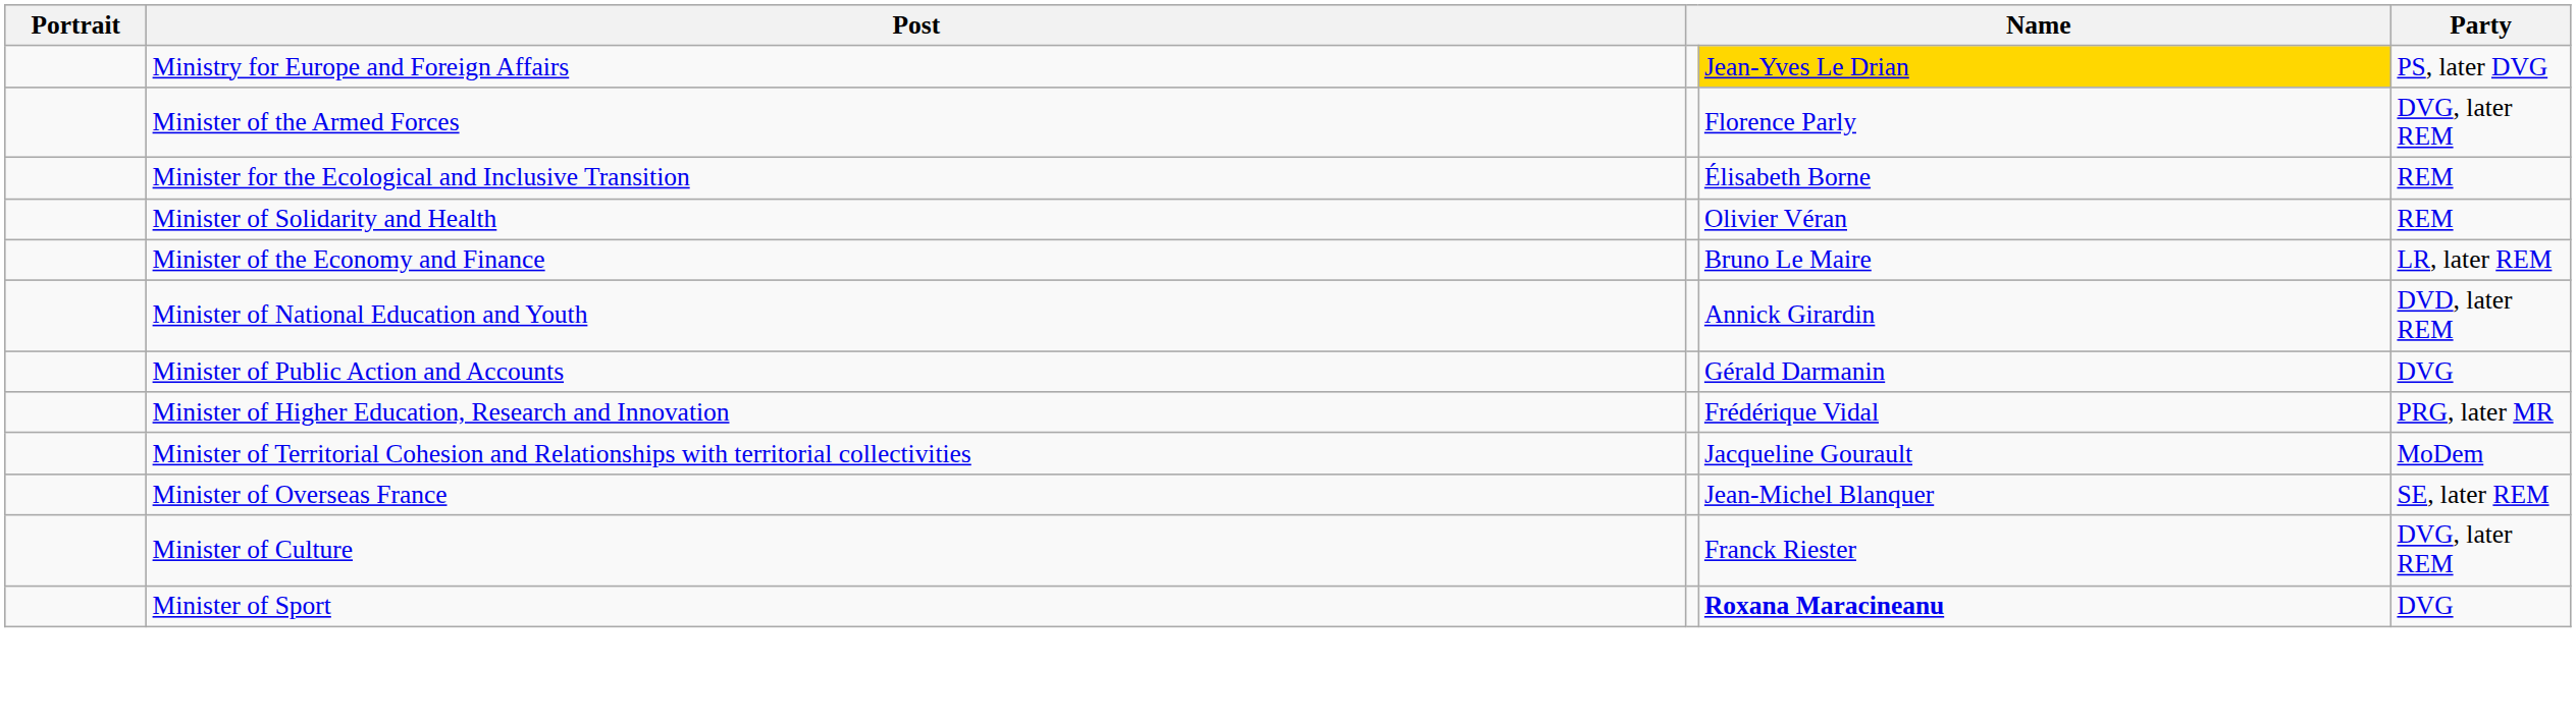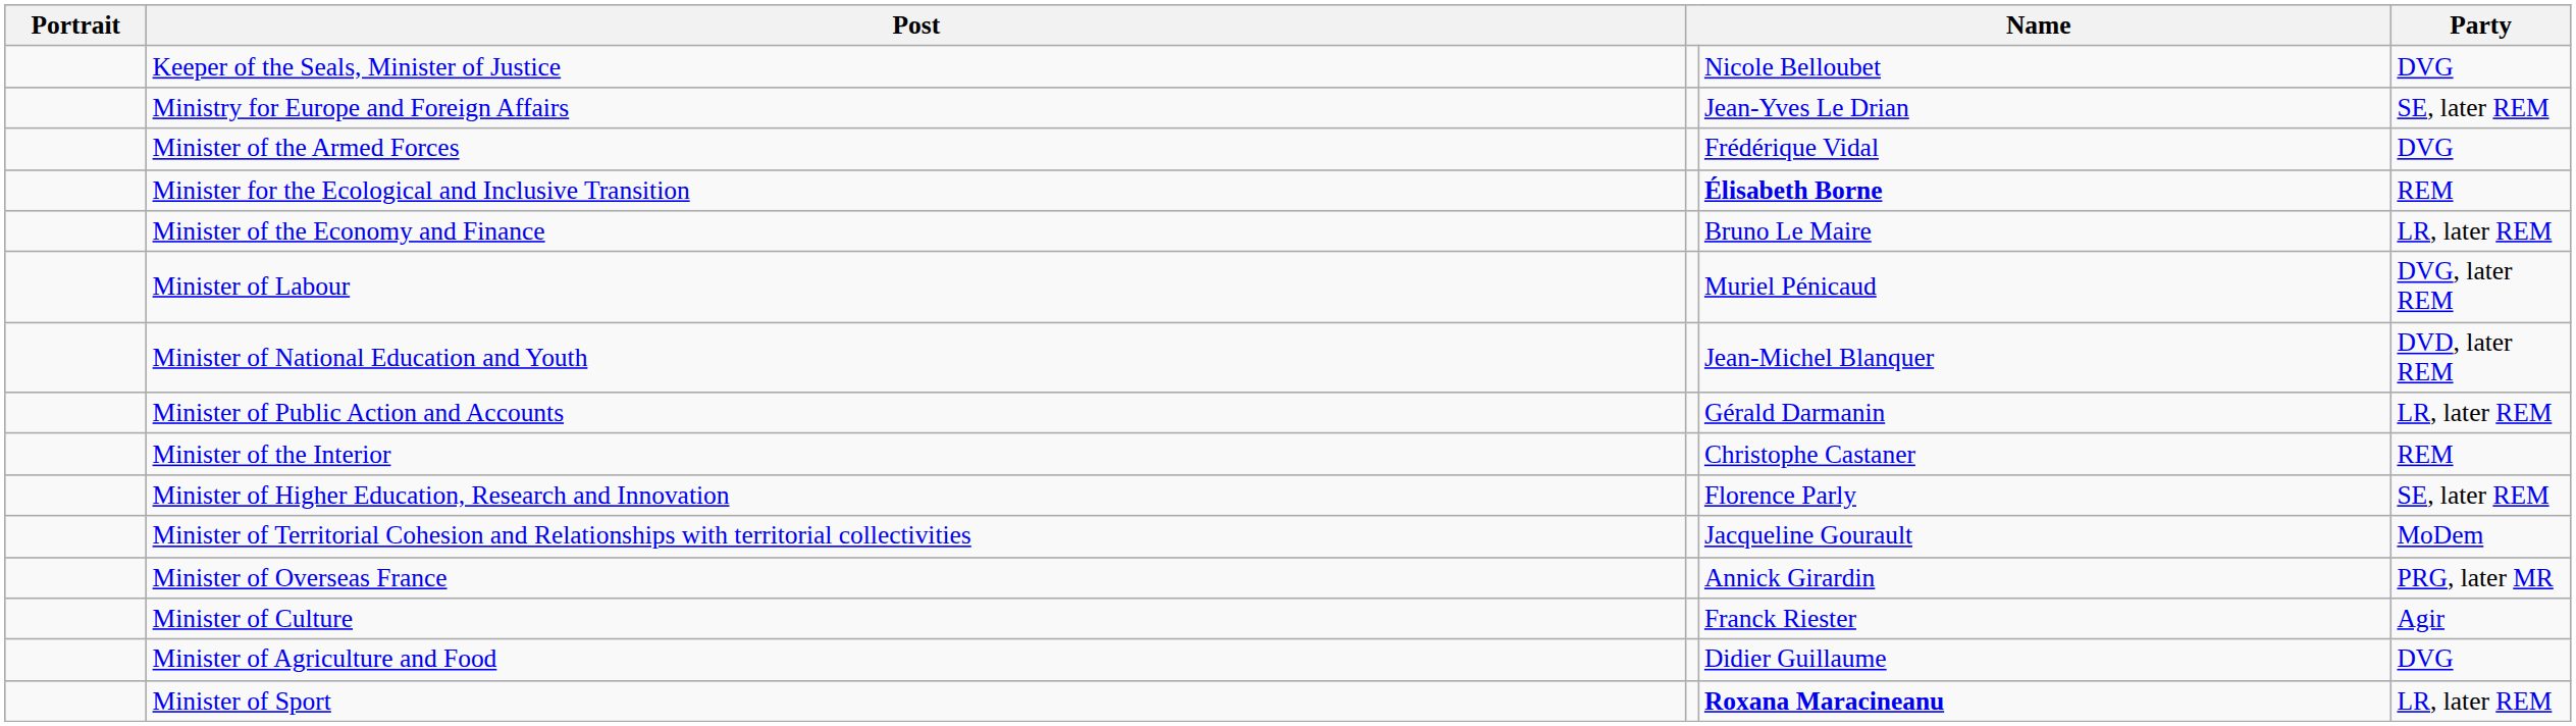 <table class="wikitable sortable" style="width:100%;">
 <tr>
 <th scope="col" class="unsortable">Portrait</th>
 <th scope="col">Post</th>
 <th colspan="2" scope="col" class="unsortable">Name</th>
 <th scope="col">Party</th>
 </tr>
 <tr>
 <td width="80"></td>
+<td width=60%><a href='#'>Keeper of the Seals, Minister of Justice</a></td>
+<td style="background:"></td>
+<td width=27%><a href='#'>Nicole Belloubet</a></td>
+<td width=7%><a href='#'>DVG</a></td>
+</tr>
+<tr>
+<td width="80"></td>
 <td width=60%><a href='#'>Ministry for Europe and Foreign Affairs</a></td>
 <td style="background:"></td>
-<td width=27% style="background: gold;"><a href='#'>Jean-Yves Le Drian</a></td>
-<td width=7%><a href='#'>PS</a>, later <a href='#'>DVG</a></td>
+<td width=27%><a href='#'>Jean-Yves Le Drian</a></td>
+<td width=7%><a href='#'>SE</a>, later <a href='#'>REM</a></td>
 </tr>
 <tr>
 <td width="80"></td>
 <td width=60%><a href='#'>Minister of the Armed Forces</a></td>
 <td style="background:"></td>
-<td width=27%><a href='#'>Florence Parly</a></td>
-<td width=7%><a href='#'>DVG</a>, later <a href='#'>REM</a></td>
+<td width=27%><a href='#'>Frédérique Vidal</a></td>
+<td width=7%><a href='#'>DVG</a></td>
 </tr>
 <tr>
 <td width="80"></td>
 <td width=60%><a href='#'>Minister for the Ecological and Inclusive Transition</a></td>
 <td style="background:"></td>
-<td width=27%><a href='#'>Élisabeth Borne</a></td>
-<td width=7%><a href='#'>REM</a></td>
-</tr>
-<tr>
-<td width="80"></td>
-<td width=60%><a href='#'>Minister of Solidarity and Health</a></td>
-<td style="background:"></td>
-<td width=27%><a href='#'>Olivier Véran</a></td>
+<td width=27%><strong><a href='#'>Élisabeth Borne</a></strong></td>
 <td width=7%><a href='#'>REM</a></td>
 </tr>
 <tr>
 <td width="80"></td>
 <td width=60%><a href='#'>Minister of the Economy and Finance</a></td>
 <td style="background:"></td>
 <td width=27%><a href='#'>Bruno Le Maire</a></td>
 <td width=7%><a href='#'>LR</a>, later <a href='#'>REM</a></td>
 </tr>
 <tr>
 <td width="80"></td>
+<td width=60%><a href='#'>Minister of Labour</a></td>
+<td style="background:"></td>
+<td width=27%><a href='#'>Muriel Pénicaud</a></td>
+<td width=7%><a href='#'>DVG</a>, later <a href='#'>REM</a></td>
+</tr>
+<tr>
+<td width="80"></td>
 <td width=60%><a href='#'>Minister of National Education and Youth</a></td>
 <td style="background:"></td>
-<td width=27%><a href='#'>Annick Girardin</a></td>
+<td width=27%><a href='#'>Jean-Michel Blanquer</a></td>
 <td width=7%><a href='#'>DVD</a>, later <a href='#'>REM</a></td>
 </tr>
 <tr>
 <td width="80"></td>
 <td width=60%><a href='#'>Minister of Public Action and Accounts</a></td>
 <td style="background:"></td>
 <td width=27%><a href='#'>Gérald Darmanin</a></td>
-<td width=7%><a href='#'>DVG</a></td>
+<td width=7%><a href='#'>LR</a>, later <a href='#'>REM</a></td>
+</tr>
+<tr>
+<td width="80"></td>
+<td width=60%><a href='#'>Minister of the Interior</a></td>
+<td style="background:"></td>
+<td width=27%><a href='#'>Christophe Castaner</a></td>
+<td width=7%><a href='#'>REM</a></td>
 </tr>
 <tr>
 <td width="80"></td>
 <td width=60%><a href='#'>Minister of Higher Education, Research and Innovation</a></td>
 <td style="background:"></td>
-<td width=27%><a href='#'>Frédérique Vidal</a></td>
-<td width=7%><a href='#'>PRG</a>, later <a href='#'>MR</a></td>
+<td width=27%><a href='#'>Florence Parly</a></td>
+<td width=7%><a href='#'>SE</a>, later <a href='#'>REM</a></td>
 </tr>
 <tr>
 <td width="80"></td>
 <td width=60%><a href='#'>Minister of Territorial Cohesion and Relationships with territorial collectivities</a></td>
 <td style=background:></td>
 <td width=27%><a href='#'>Jacqueline Gourault</a></td>
 <td width=7%><a href='#'>MoDem</a></td>
 </tr>
 <tr>
 <td width="80"></td>
 <td width=60%><a href='#'>Minister of Overseas France</a></td>
 <td style=background:></td>
-<td width=27%><a href='#'>Jean-Michel Blanquer</a></td>
-<td width=7%><a href='#'>SE</a>, later <a href='#'>REM</a></td>
+<td width=27%><a href='#'>Annick Girardin</a></td>
+<td width=7%><a href='#'>PRG</a>, later <a href='#'>MR</a></td>
 </tr>
 <tr>
 <td width="80"></td>
 <td width=60%><a href='#'>Minister of Culture</a></td>
 <td style="background:"></td>
 <td width=27%><a href='#'>Franck Riester</a></td>
-<td width=7%><a href='#'>DVG</a>, later <a href='#'>REM</a></td>
+<td width=7%><a href='#'>Agir</a></td>
+</tr>
+<tr>
+<td width="80"></td>
+<td width=60%><a href='#'>Minister of Agriculture and Food</a></td>
+<td style="background:"></td>
+<td width=27%><a href='#'>Didier Guillaume</a></td>
+<td width=7%><a href='#'>DVG</a></td>
 </tr>
 <tr>
 <td width="80"></td>
 <td width=60%><a href='#'>Minister of Sport</a></td>
 <td style="background:"></td>
 <td width=27%><strong><a href='#'>Roxana Maracineanu</a></strong></td>
-<td width=7%><a href='#'>DVG</a></td>
+<td width=7%><a href='#'>LR</a>, later <a href='#'>REM</a></td>
 </tr>
 </table>
